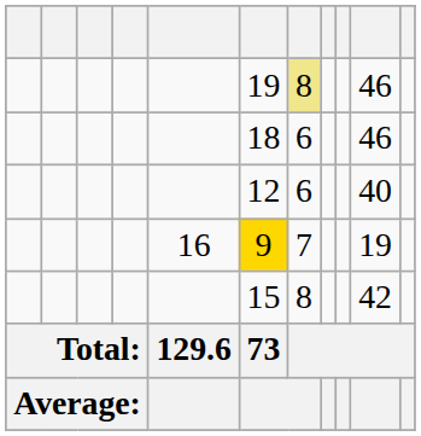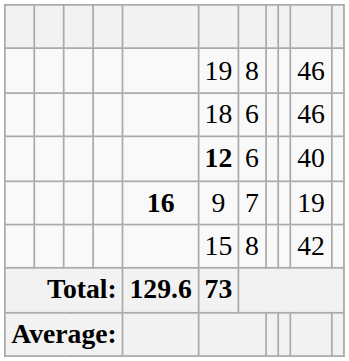 <table class="wikitable sortable" style="text-align:center;">
 <tr>
 <th></th>
 <th class="unsortable"></th>
 <th></th>
 <th></th>
 <th></th>
 <th></th>
 <th></th>
 <th></th>
 <th></th>
 <th><br></th>
 <th></th>
 </tr>
 <tr>
 <td style="background:#"></td>
 <td></td>
 <td></td>
 <td></td>
 <td></td>
 <td>19</td>
-<td style="background: khaki;">8</td>
+<td>8</td>
 <td></td>
 <td></td>
 <td>46</td>
 <td></td>
 </tr>
 <tr>
 <td style="background:#"></td>
 <td></td>
 <td></td>
 <td></td>
 <td></td>
 <td>18</td>
 <td>6</td>
 <td></td>
 <td></td>
 <td>46</td>
 <td></td>
 </tr>
 <tr>
 <td style="background:#"></td>
 <td></td>
 <td></td>
 <td></td>
 <td></td>
-<td>12</td>
+<td><strong>12</strong></td>
 <td>6</td>
 <td></td>
 <td></td>
 <td>40</td>
 <td></td>
 </tr>
 <tr>
 <td style="background:#"></td>
 <td></td>
 <td></td>
 <td></td>
-<td>16</td>
-<td style="background: gold;">9</td>
+<td><strong>16</strong></td>
+<td>9</td>
 <td>7</td>
 <td></td>
 <td></td>
 <td>19</td>
 <td></td>
 </tr>
 <tr>
 <td style="background:#"></td>
 <td></td>
 <td></td>
 <td></td>
 <td></td>
 <td>15</td>
 <td>8</td>
 <td></td>
 <td></td>
 <td>42</td>
 <td></td>
 </tr>
 <tr>
 <th colspan="4" style="text-align:right;">Total:</th>
 <th>129.6</th>
 <th>73</th>
 <th colspan="5"></th>
 </tr>
 <tr>
 <th colspan="4" style="text-align:right;">Average:</th>
 <th></th>
 <th colspan="2"></th>
 <th></th>
 <th></th>
 <th></th>
 <th></th>
 </tr>
 </table>
